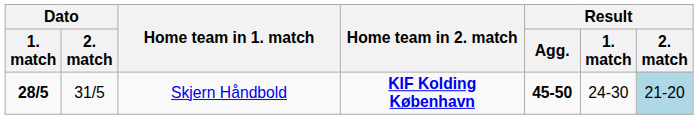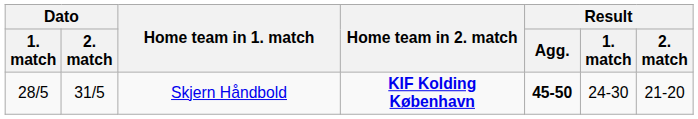 <table class="wikitable" style="text-align:center; margin-left:1em;">
 <tr>
 <th colspan="2">Dato</th>
 <th rowspan="2" style="width:220px;">Home team in 1. match</th>
 <th rowspan="2" style="width:180px;">Home team in 2. match</th>
 <th colspan="3">Result</th>
 </tr>
 <tr>
 <th style="width:50px;">1. match</th>
 <th style="width:50px;">2. match</th>
 <th style="width:50px;">Agg.</th>
 <th style="width:50px;">1. match</th>
 <th style="width:50px;">2. match</th>
 </tr>
 <tr>
-<td><strong>28/5</strong></td>
+<td>28/5</td>
 <td>31/5</td>
 <td><a href='#'>Skjern Håndbold</a></td>
 <td><strong><a href='#'>KIF Kolding København</a></strong></td>
 <td><strong>45-50</strong></td>
 <td>24-30</td>
-<td style="background: lightblue;">21-20</td>
+<td>21-20</td>
 </tr>
 </table>
